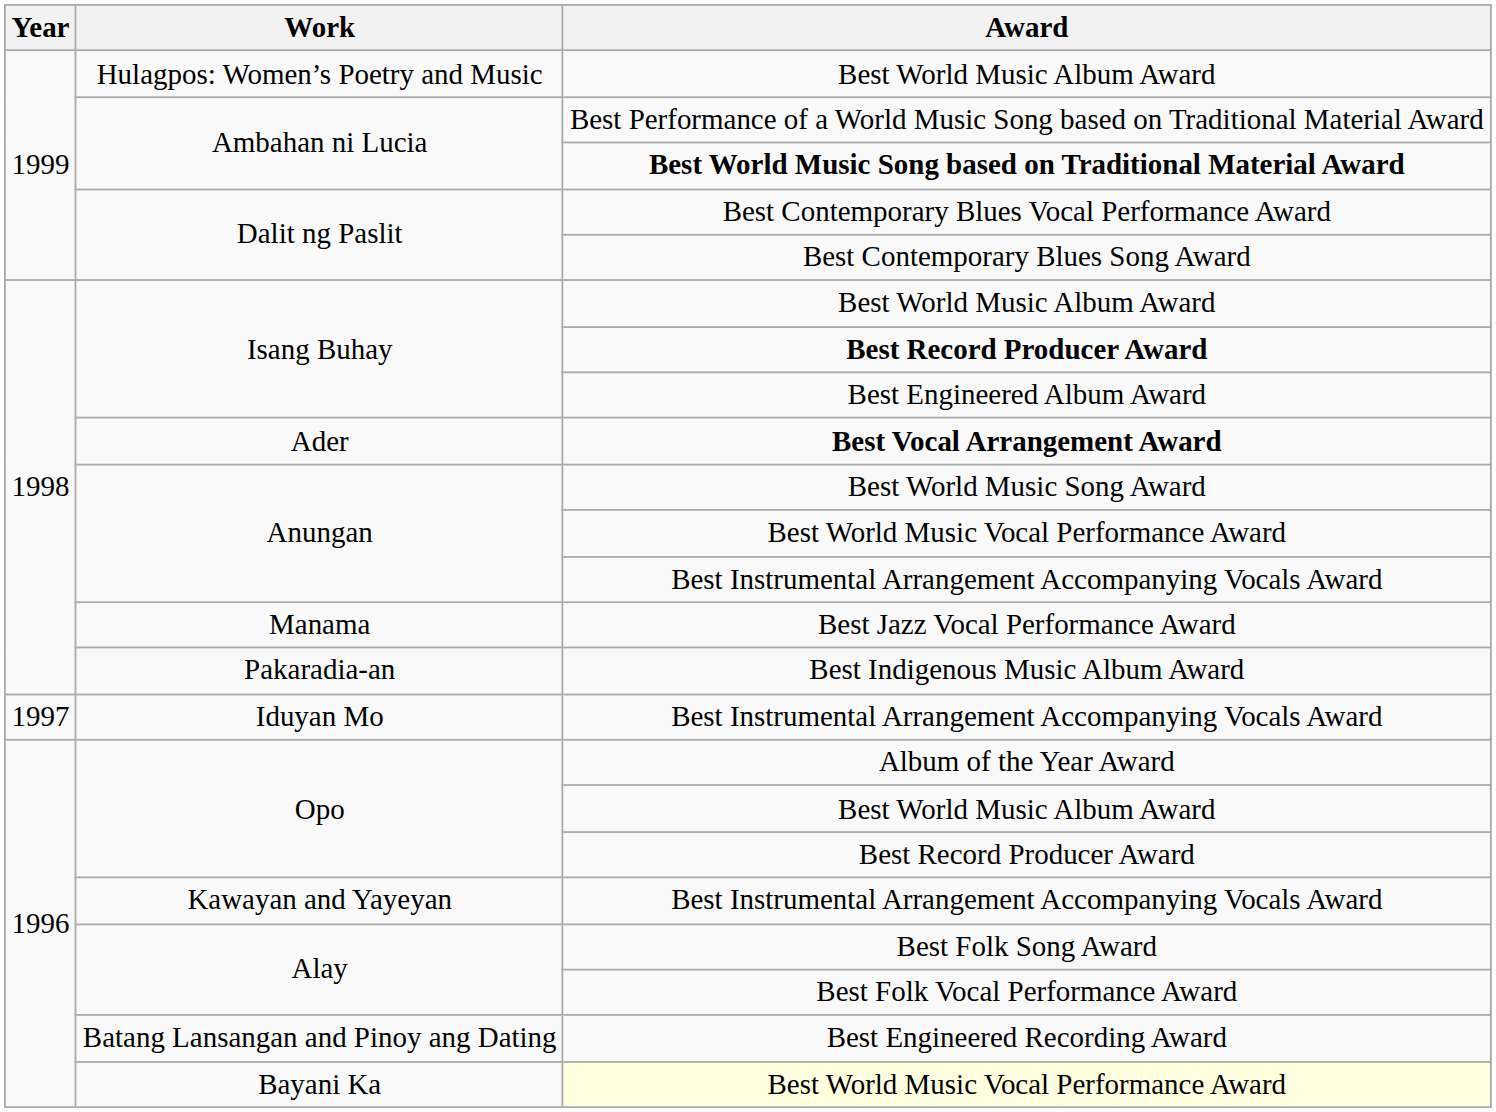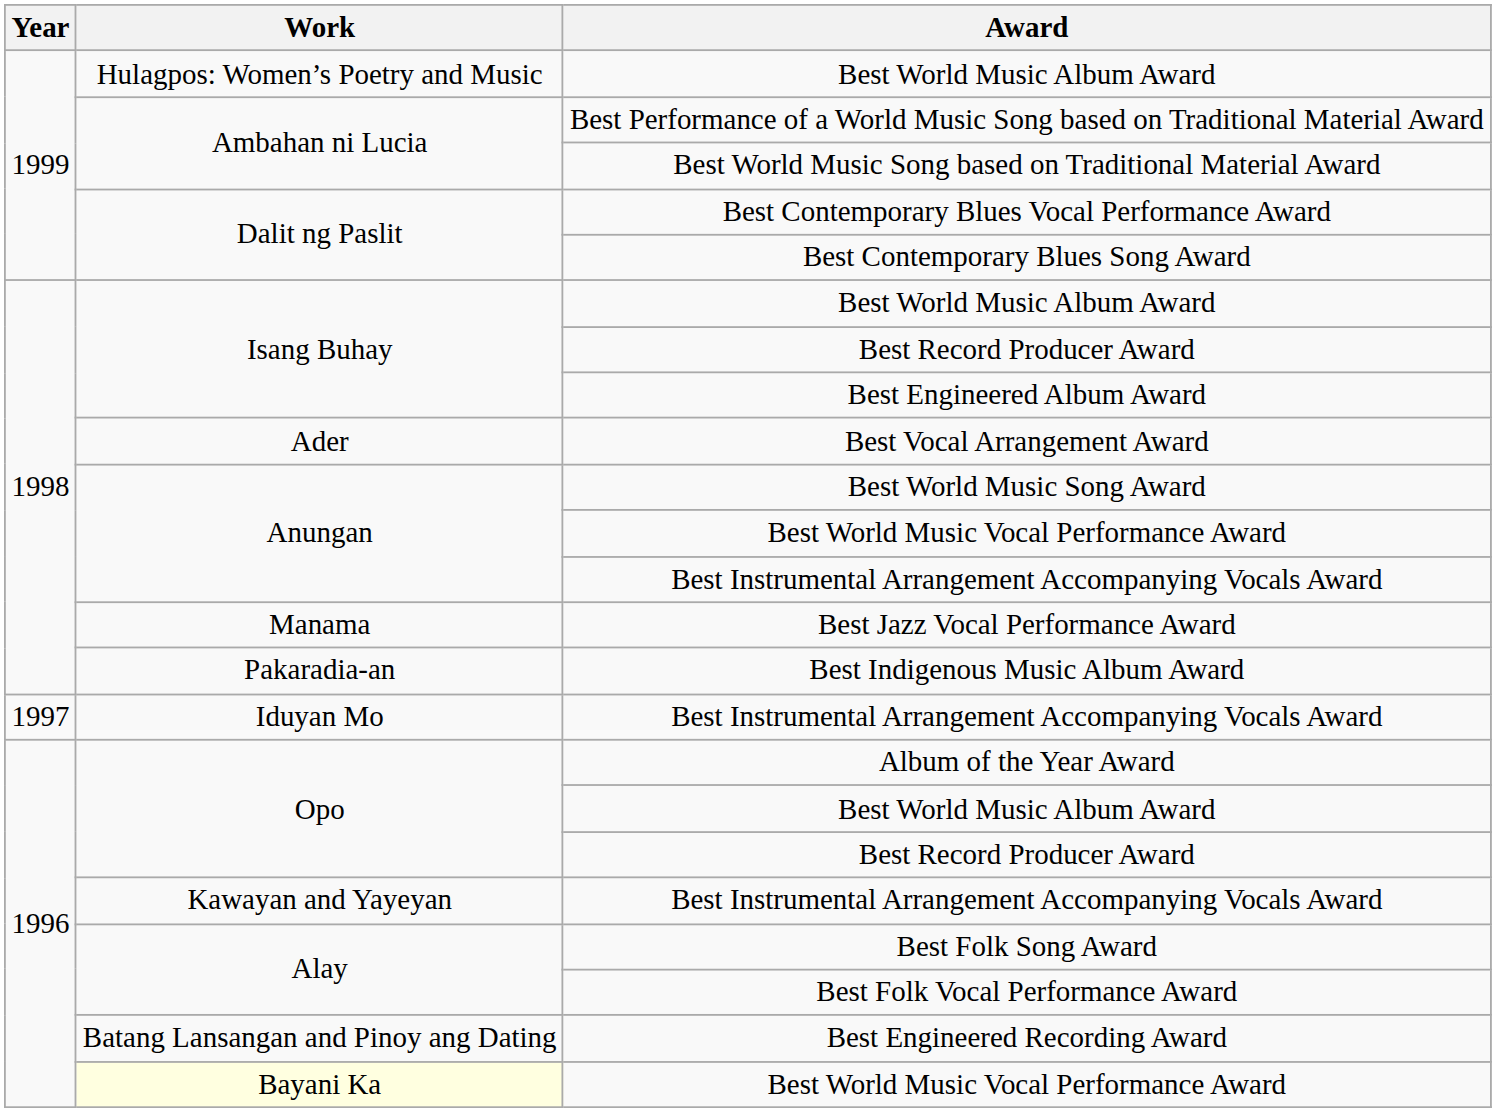 <table class="wikitable" style="text-align: center;">
 <tr>
 <th>Year</th>
 <th>Work</th>
 <th>Award</th>
 </tr>
 <tr>
 <td rowspan="5">1999</td>
 <td>Hulagpos: Women’s Poetry and Music</td>
 <td>Best World Music Album Award</td>
 </tr>
 <tr>
 <td rowspan="2">Ambahan ni Lucia</td>
 <td>Best Performance of a World Music Song based on Traditional Material Award</td>
 </tr>
 <tr>
-<td><strong>Best World Music Song based on Traditional Material Award</strong></td>
+<td>Best World Music Song based on Traditional Material Award</td>
 </tr>
 <tr>
 <td rowspan="2">Dalit ng Paslit</td>
 <td>Best Contemporary Blues Vocal Performance Award</td>
 </tr>
 <tr>
 <td>Best Contemporary Blues Song Award</td>
 </tr>
 <tr>
 <td rowspan="9">1998</td>
 <td rowspan="3">Isang Buhay</td>
 <td>Best World Music Album Award</td>
 </tr>
 <tr>
-<td><strong>Best Record Producer Award</strong></td>
+<td>Best Record Producer Award</td>
 </tr>
 <tr>
 <td>Best Engineered Album Award</td>
 </tr>
 <tr>
 <td>Ader</td>
-<td><strong>Best Vocal Arrangement Award</strong></td>
+<td>Best Vocal Arrangement Award</td>
 </tr>
 <tr>
 <td rowspan="3">Anungan</td>
 <td>Best World Music Song Award</td>
 </tr>
 <tr>
 <td>Best World Music Vocal Performance Award</td>
 </tr>
 <tr>
 <td>Best Instrumental Arrangement Accompanying Vocals Award</td>
 </tr>
 <tr>
 <td>Manama</td>
 <td>Best Jazz Vocal Performance Award</td>
 </tr>
 <tr>
 <td>Pakaradia-an</td>
 <td>Best Indigenous Music Album Award</td>
 </tr>
 <tr>
 <td>1997</td>
 <td>Iduyan Mo</td>
 <td>Best Instrumental Arrangement Accompanying Vocals Award</td>
 </tr>
 <tr>
 <td rowspan="8">1996</td>
 <td rowspan="3">Opo</td>
 <td>Album of the Year Award</td>
 </tr>
 <tr>
 <td>Best World Music Album Award</td>
 </tr>
 <tr>
 <td>Best Record Producer Award</td>
 </tr>
 <tr>
 <td>Kawayan and Yayeyan</td>
 <td>Best Instrumental Arrangement Accompanying Vocals Award</td>
 </tr>
 <tr>
 <td rowspan="2">Alay</td>
 <td>Best Folk Song Award</td>
 </tr>
 <tr>
 <td>Best Folk Vocal Performance Award</td>
 </tr>
 <tr>
 <td>Batang Lansangan and Pinoy ang Dating</td>
 <td>Best Engineered Recording Award</td>
 </tr>
 <tr>
-<td>Bayani Ka</td>
-<td style="background: lightyellow;">Best World Music Vocal Performance Award</td>
+<td style="background: lightyellow;">Bayani Ka</td>
+<td>Best World Music Vocal Performance Award</td>
 </tr>
 </table>
